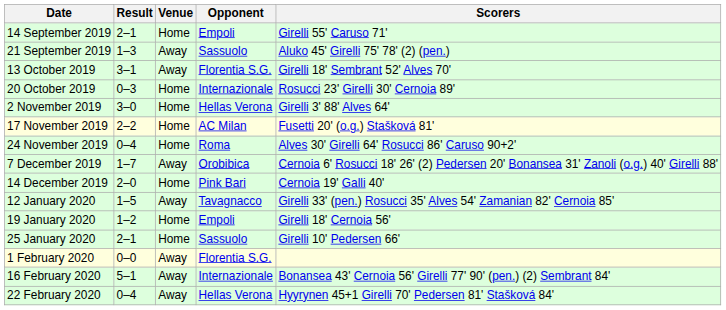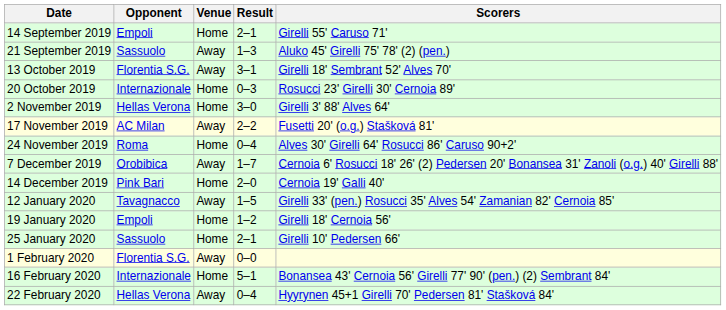 <table class="wikitable" style="text-align:left">
 <tr>
 <th>Date</th>
+<th>Opponent</th>
+<th>Venue</th>
 <th>Result</th>
-<th>Venue</th>
-<th>Opponent</th>
 <th>Scorers</th>
 </tr>
 <tr style="background:#ddffdd">
 <td>14 September 2019</td>
+<td><a href='#'>Empoli</a></td>
+<td>Home</td>
 <td>2–1</td>
-<td>Home</td>
-<td><a href='#'>Empoli</a></td>
 <td><a href='#'>Girelli</a> 55' <a href='#'>Caruso</a> 71'</td>
 </tr>
 <tr style="background:#ddffdd">
 <td>21 September 2019</td>
+<td><a href='#'>Sassuolo</a></td>
+<td>Away</td>
 <td>1–3</td>
-<td>Away</td>
-<td><a href='#'>Sassuolo</a></td>
 <td><a href='#'>Aluko</a> 45' <a href='#'>Girelli</a> 75' 78' (2) (<a href='#'>pen.</a>)</td>
 </tr>
 <tr style="background:#ddffdd">
 <td>13 October 2019</td>
+<td><a href='#'>Florentia S.G.</a></td>
+<td>Away</td>
 <td>3–1</td>
-<td>Away</td>
-<td><a href='#'>Florentia S.G.</a></td>
 <td><a href='#'>Girelli</a> 18' <a href='#'>Sembrant</a> 52' <a href='#'>Alves</a> 70'</td>
 </tr>
 <tr style="background:#ddffdd">
 <td>20 October 2019</td>
+<td><a href='#'>Internazionale</a></td>
+<td>Home</td>
 <td>0–3</td>
-<td>Home</td>
-<td><a href='#'>Internazionale</a></td>
 <td><a href='#'>Rosucci</a> 23' <a href='#'>Girelli</a> 30' <a href='#'>Cernoia</a> 89'</td>
 </tr>
 <tr style="background:#ddffdd">
 <td>2 November 2019</td>
+<td><a href='#'>Hellas Verona</a></td>
+<td>Home</td>
 <td>3–0</td>
-<td>Home</td>
-<td><a href='#'>Hellas Verona</a></td>
 <td><a href='#'>Girelli</a> 3' 88' <a href='#'>Alves</a> 64'</td>
 </tr>
 <tr style="background:#ffffdd">
 <td>17 November 2019</td>
+<td><a href='#'>AC Milan</a></td>
+<td>Away</td>
 <td>2–2</td>
-<td>Home</td>
-<td><a href='#'>AC Milan</a></td>
 <td><a href='#'>Fusetti</a> 20' (<a href='#'>o.g.</a>)  <a href='#'>Stašková</a> 81'</td>
 </tr>
 <tr style="background:#ddffdd">
 <td>24 November 2019</td>
+<td><a href='#'>Roma</a></td>
+<td>Home</td>
 <td>0–4</td>
-<td>Home</td>
-<td><a href='#'>Roma</a></td>
 <td><a href='#'>Alves</a> 30' <a href='#'>Girelli</a> 64' <a href='#'>Rosucci</a> 86' <a href='#'>Caruso</a> 90+2'</td>
 </tr>
 <tr style="background:#ddffdd">
 <td>7 December 2019</td>
+<td><a href='#'>Orobibica</a></td>
+<td>Away</td>
 <td>1–7</td>
-<td>Away</td>
-<td><a href='#'>Orobibica</a></td>
 <td><a href='#'>Cernoia</a> 6' <a href='#'>Rosucci</a> 18' 26' (2) <a href='#'>Pedersen</a> 20' <a href='#'>Bonansea</a> 31' <a href='#'>Zanoli</a> (<a href='#'>o.g.</a>) 40' <a href='#'>Girelli</a> 88'</td>
 </tr>
 <tr style="background:#ddffdd">
 <td>14 December 2019</td>
+<td><a href='#'>Pink Bari</a></td>
+<td>Home</td>
 <td>2–0</td>
-<td>Home</td>
-<td><a href='#'>Pink Bari</a></td>
 <td><a href='#'>Cernoia</a> 19' <a href='#'>Galli</a> 40'</td>
 </tr>
 <tr style="background:#ddffdd">
 <td>12 January 2020</td>
+<td><a href='#'>Tavagnacco</a></td>
+<td>Away</td>
 <td>1–5</td>
-<td>Away</td>
-<td><a href='#'>Tavagnacco</a></td>
 <td><a href='#'>Girelli</a> 33' (<a href='#'>pen.</a>) <a href='#'>Rosucci</a> 35' <a href='#'>Alves</a> 54' <a href='#'>Zamanian</a> 82' <a href='#'>Cernoia</a> 85'</td>
 </tr>
 <tr style="background:#ddffdd">
 <td>19 January 2020</td>
+<td><a href='#'>Empoli</a></td>
+<td>Home</td>
 <td>1–2</td>
-<td>Home</td>
-<td><a href='#'>Empoli</a></td>
 <td><a href='#'>Girelli</a> 18' <a href='#'>Cernoia</a> 56'</td>
 </tr>
 <tr style="background:#ddffdd">
 <td>25 January 2020</td>
+<td><a href='#'>Sassuolo</a></td>
+<td>Home</td>
 <td>2–1</td>
-<td>Home</td>
-<td><a href='#'>Sassuolo</a></td>
 <td><a href='#'>Girelli</a> 10' <a href='#'>Pedersen</a> 66'</td>
 </tr>
 <tr style="background:#ffffdd">
 <td>1 February 2020</td>
+<td><a href='#'>Florentia S.G.</a></td>
+<td>Away</td>
 <td>0–0</td>
-<td>Away</td>
-<td><a href='#'>Florentia S.G.</a></td>
 <td></td>
 </tr>
 <tr style="background:#ddffdd">
 <td>16 February 2020</td>
+<td><a href='#'>Internazionale</a></td>
+<td>Home</td>
 <td>5–1</td>
-<td>Away</td>
-<td><a href='#'>Internazionale</a></td>
 <td><a href='#'>Bonansea</a> 43' <a href='#'>Cernoia</a> 56' <a href='#'>Girelli</a>  77' 90' (<a href='#'>pen.</a>) (2) <a href='#'>Sembrant</a> 84'</td>
 </tr>
 <tr style="background:#ddffdd">
 <td>22 February 2020</td>
+<td><a href='#'>Hellas Verona</a></td>
+<td>Away</td>
 <td>0–4</td>
-<td>Away</td>
-<td><a href='#'>Hellas Verona</a></td>
 <td><a href='#'>Hyyrynen</a> 45+1 <a href='#'>Girelli</a> 70' <a href='#'>Pedersen</a> 81' <a href='#'>Stašková</a> 84'</td>
 </tr>
 </table>
